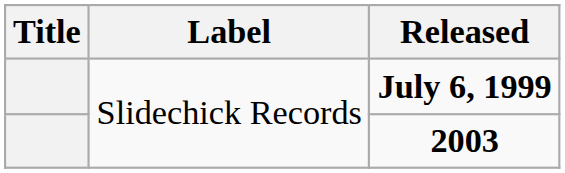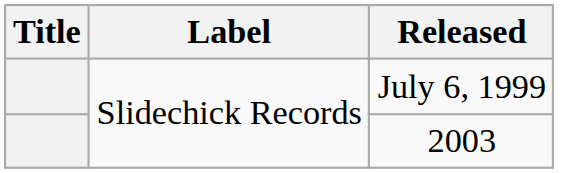 <table class="wikitable plainrowheaders" style="text-align:center;">
 <tr>
 <th>Title</th>
 <th>Label</th>
 <th>Released</th>
 </tr>
 <tr>
 <th scope="row"><br></th>
 <td rowspan="2">Slidechick Records</td>
-<td><strong>July 6, 1999</strong></td>
+<td>July 6, 1999</td>
 </tr>
 <tr>
 <th scope="row"><br></th>
-<td><strong>2003</strong></td>
+<td>2003</td>
 </tr>
 </table>
